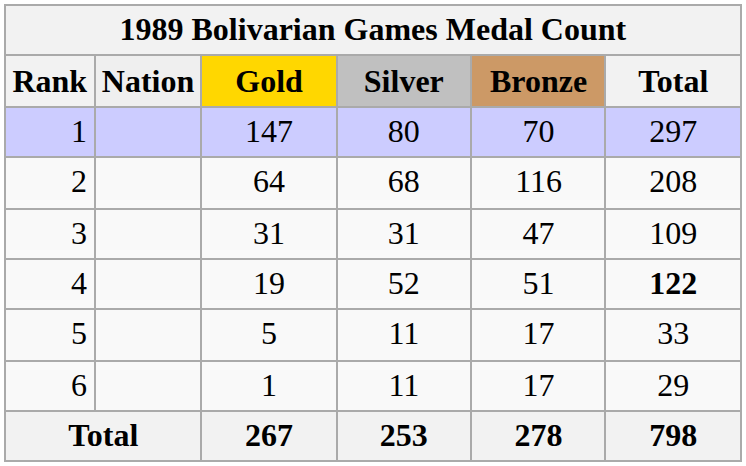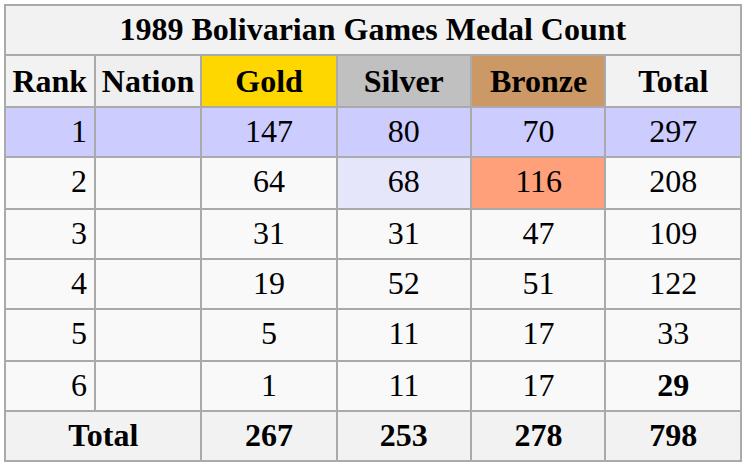 <table class="wikitable" border="2" style="text-align:center">
 <tr>
 <th colspan="6">1989 Bolivarian Games Medal Count</th>
 </tr>
 <tr style="background:#EFEFEF">
 <th>Rank</th>
 <td align=left><strong>Nation</strong></td>
 <td bgcolor="gold" align=center width=60><strong>Gold</strong></td>
 <td bgcolor="silver" align=center width=60><strong>Silver</strong></td>
 <td bgcolor="CC9966" align=center width=60><strong>Bronze</strong></td>
 <th width="60">Total</th>
 </tr>
 <tr style="background:#CCCCFF">
 <td align=right>1</td>
 <td align=left></td>
 <td>147</td>
 <td>80</td>
 <td>70</td>
 <td>297</td>
 </tr>
 <tr>
 <td align=right>2</td>
 <td align=left></td>
 <td>64</td>
-<td>68</td>
-<td>116</td>
+<td style="background: lavender;">68</td>
+<td style="background: lightsalmon;">116</td>
 <td>208</td>
 </tr>
 <tr>
 <td align=right>3</td>
 <td align=left></td>
 <td>31</td>
 <td>31</td>
 <td>47</td>
 <td>109</td>
 </tr>
 <tr>
 <td align=right>4</td>
 <td align=left></td>
 <td>19</td>
 <td>52</td>
 <td>51</td>
-<td><strong>122</strong></td>
+<td>122</td>
 </tr>
 <tr>
 <td align=right>5</td>
 <td align=left></td>
 <td>5</td>
 <td>11</td>
 <td>17</td>
 <td>33</td>
 </tr>
 <tr>
 <td align=right>6</td>
 <td align=left></td>
 <td>1</td>
 <td>11</td>
 <td>17</td>
-<td>29</td>
+<td><strong>29</strong></td>
 </tr>
 <tr>
 <th colspan="2">Total</th>
 <th>267</th>
 <th>253</th>
 <th>278</th>
 <th>798</th>
 </tr>
 </table>
